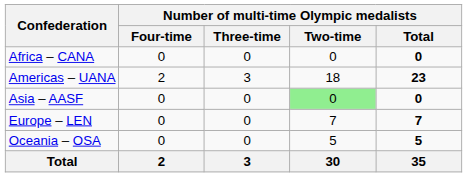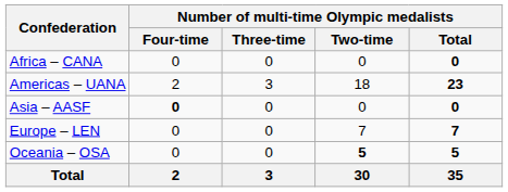 <table class="wikitable sortable" style="text-align: center; font-size: 90%; margin-left: 1em;">
 <tr>
 <th rowspan="2">Confederation</th>
 <th colspan="4">Number of multi-time Olympic medalists</th>
 </tr>
 <tr>
 <th style="width: 6em;">Four-time</th>
 <th style="width: 6em;">Three-time</th>
 <th style="width: 6em;">Two-time</th>
 <th style="width: 6em;">Total</th>
 </tr>
 <tr>
 <td style="text-align: left;"><a href='#'>Africa</a> – <a href='#'>CANA</a></td>
 <td>0</td>
 <td>0</td>
 <td>0</td>
 <td><strong>0</strong></td>
 </tr>
 <tr>
 <td style="text-align: left;"><a href='#'>Americas</a> – <a href='#'>UANA</a></td>
 <td>2</td>
 <td>3</td>
 <td>18</td>
 <td><strong>23</strong></td>
 </tr>
 <tr>
 <td style="text-align: left;"><a href='#'>Asia</a> – <a href='#'>AASF</a></td>
+<td><strong>0</strong></td>
 <td>0</td>
 <td>0</td>
-<td style="background: lightgreen;">0</td>
 <td><strong>0</strong></td>
 </tr>
 <tr>
 <td style="text-align: left;"><a href='#'>Europe</a> – <a href='#'>LEN</a></td>
 <td>0</td>
 <td>0</td>
 <td>7</td>
 <td><strong>7</strong></td>
 </tr>
 <tr>
 <td style="text-align: left;"><a href='#'>Oceania</a> – <a href='#'>OSA</a></td>
 <td>0</td>
 <td>0</td>
-<td>5</td>
+<td><strong>5</strong></td>
 <td><strong>5</strong></td>
 </tr>
 <tr>
 <th>Total</th>
 <th>2</th>
 <th>3</th>
 <th>30</th>
 <th>35</th>
 </tr>
 </table>
